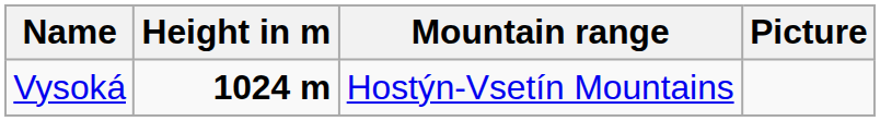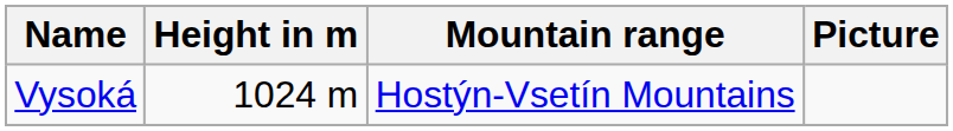 <table class="wikitable sortable">
 <tr>
 <th>Name</th>
 <th>Height in m</th>
 <th>Mountain range</th>
 <th>Picture</th>
 </tr>
 <tr>
 <td><a href='#'>Vysoká</a></td>
-<td style="text-align:right"><strong>1024 m</strong></td>
+<td style="text-align:right">1024 m</td>
 <td><a href='#'>Hostýn-Vsetín Mountains</a></td>
 <td></td>
 </tr>
 <tr>
 </tr>
 </table>
